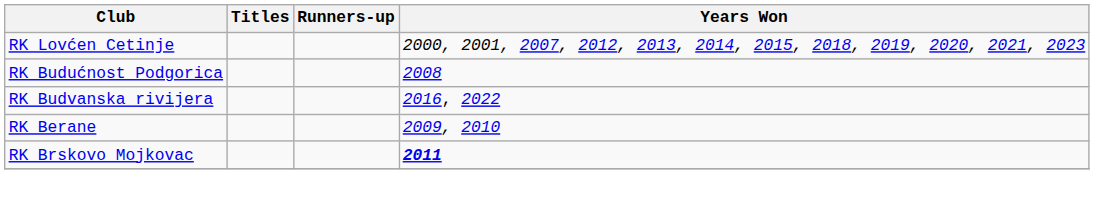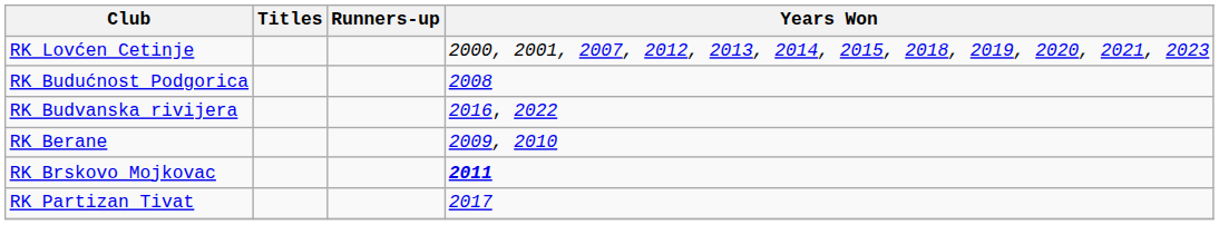 <table class="wikitable" style="font-size:90%">
 <tr>
 <th>Club</th>
 <th>Titles</th>
 <th>Runners-up</th>
 <th>Years Won</th>
 </tr>
 <tr>
 <td><a href='#'>RK Lovćen Cetinje</a></td>
 <td></td>
 <td></td>
 <td><em>2000, 2001, <a href='#'>2007</a>, <a href='#'>2012</a>, <a href='#'>2013</a>, <a href='#'>2014</a>, <a href='#'>2015</a>, <a href='#'>2018</a>, <a href='#'>2019</a>, <a href='#'>2020</a>, <a href='#'>2021</a>, <a href='#'>2023</a></em></td>
 </tr>
 <tr>
 <td><a href='#'>RK Budućnost Podgorica</a></td>
 <td></td>
 <td></td>
 <td><em><a href='#'>2008</a></em></td>
 </tr>
 <tr>
 <td><a href='#'>RK Budvanska rivijera</a></td>
 <td></td>
 <td></td>
 <td><em><a href='#'>2016</a></em>, <em><a href='#'>2022</a></em></td>
 </tr>
 <tr>
 <td><a href='#'>RK Berane</a></td>
 <td></td>
 <td></td>
 <td><em><a href='#'>2009</a>, <a href='#'>2010</a></em></td>
 </tr>
 <tr>
 <td><a href='#'>RK Brskovo Mojkovac</a></td>
 <td></td>
 <td></td>
 <td><strong><em><a href='#'>2011</a></em></strong></td>
 </tr>
 <tr>
+<td><a href='#'>RK Partizan Tivat</a></td>
+<td></td>
+<td></td>
+<td><em><a href='#'>2017</a></em></td>
+</tr>
+<tr>
 </tr>
 </table>
